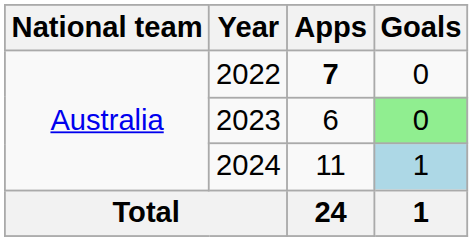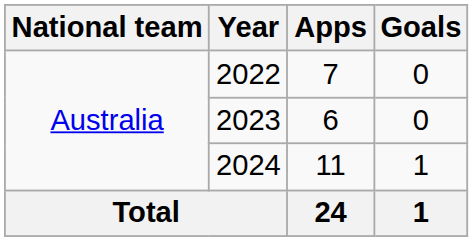 <table class="wikitable" style="text-align:center">
 <tr>
 <th>National team</th>
 <th>Year</th>
 <th>Apps</th>
 <th>Goals</th>
 </tr>
 <tr>
 <td rowspan="3"><a href='#'>Australia</a></td>
 <td>2022</td>
-<td><strong>7</strong></td>
+<td>7</td>
 <td>0</td>
 </tr>
 <tr>
 <td>2023</td>
 <td>6</td>
-<td style="background: lightgreen;">0</td>
+<td>0</td>
 </tr>
 <tr>
 <td>2024</td>
 <td>11</td>
-<td style="background: lightblue;">1</td>
+<td>1</td>
 </tr>
 <tr>
 <th colspan="2">Total</th>
 <th>24</th>
 <th>1</th>
 </tr>
 </table>
